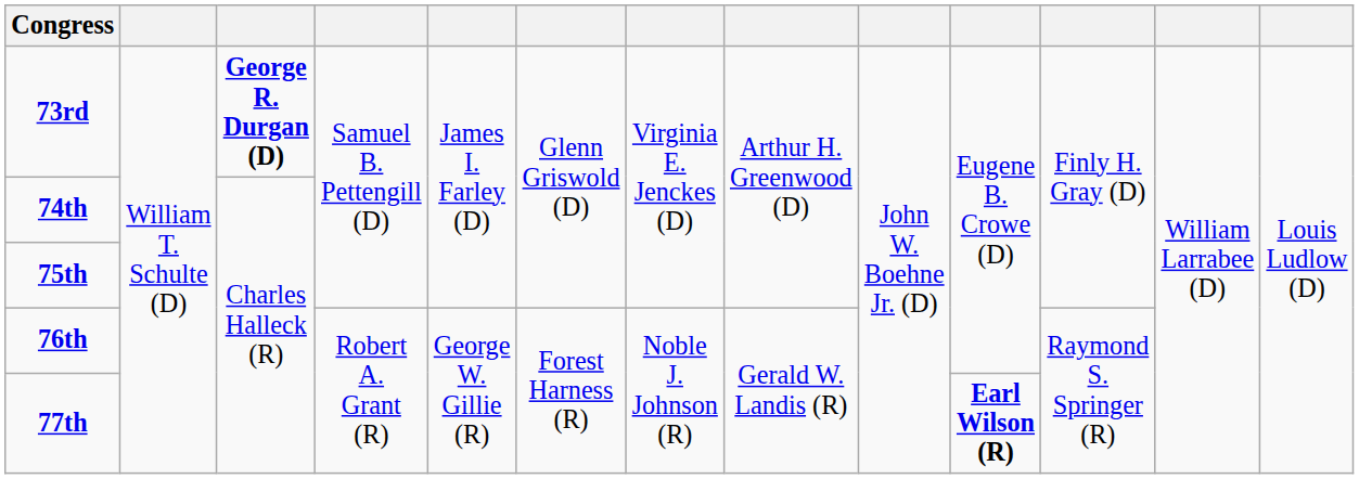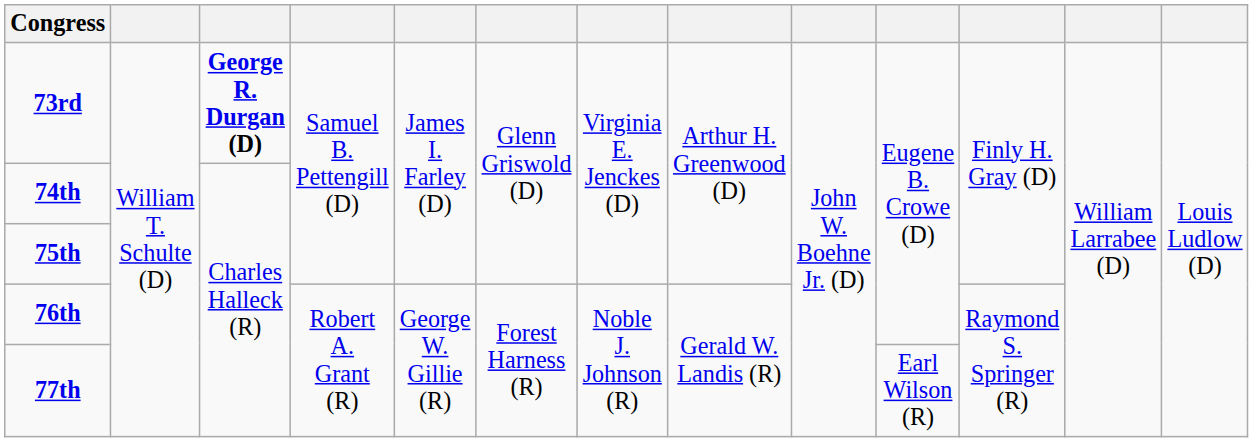 <table class="wikitable" style="text-align:center;">
 <tr>
 <th>Congress</th>
 <th></th>
 <th></th>
 <th></th>
 <th></th>
 <th></th>
 <th></th>
 <th></th>
 <th></th>
 <th></th>
 <th></th>
 <th></th>
 <th></th>
 </tr>
 <tr style="height:2.5em">
 <td><strong><a href='#'>73rd</a></strong> </td>
 <td rowspan=5 ><a href='#'>William T.<br>Schulte</a> (D)</td>
 <td><strong><a href='#'>George R.<br>Durgan</a> (D)</strong></td>
 <td rowspan=3 ><a href='#'>Samuel B.<br>Pettengill</a><br>(D)</td>
 <td rowspan=3 ><a href='#'>James I.<br>Farley</a> (D)</td>
 <td rowspan=3 ><a href='#'>Glenn<br>Griswold</a> (D)</td>
 <td rowspan=3 ><a href='#'>Virginia E.<br>Jenckes</a> (D)</td>
 <td rowspan=3 ><a href='#'>Arthur H.<br>Greenwood</a><br>(D)</td>
 <td rowspan=5 ><a href='#'>John W.<br>Boehne<br>Jr.</a> (D)</td>
 <td rowspan=4 ><a href='#'>Eugene B.<br>Crowe</a> (D)</td>
 <td rowspan=3 ><a href='#'>Finly H.<br>Gray</a> (D)</td>
 <td rowspan=5 ><a href='#'>William<br>Larrabee</a><br>(D)</td>
 <td rowspan=5 ><a href='#'>Louis<br>Ludlow</a> (D)</td>
 </tr>
 <tr style="height:2.5em">
 <td><strong><a href='#'>74th</a></strong> </td>
 <td rowspan=4 ><a href='#'>Charles<br>Halleck</a> (R)</td>
 </tr>
 <tr style="height:2.5em">
 <td><strong><a href='#'>75th</a></strong> </td>
 </tr>
 <tr style="height:2.5em">
 <td><strong><a href='#'>76th</a></strong> </td>
 <td rowspan=2 ><a href='#'>Robert A.<br>Grant</a> (R)</td>
 <td rowspan=2 ><a href='#'>George W.<br>Gillie</a> (R)</td>
 <td rowspan=2 ><a href='#'>Forest<br>Harness</a> (R)</td>
 <td rowspan=2 ><a href='#'>Noble J.<br>Johnson</a> (R)</td>
 <td rowspan=2 ><a href='#'>Gerald W.<br>Landis</a> (R)</td>
 <td rowspan=2 ><a href='#'>Raymond S.<br>Springer</a> (R)</td>
 </tr>
 <tr style="height:2.5em">
 <td><strong><a href='#'>77th</a></strong> </td>
-<td><strong><a href='#'>Earl<br>Wilson</a> (R)</strong></td>
+<td><a href='#'>Earl<br>Wilson</a> (R)</td>
 </tr>
 </table>
